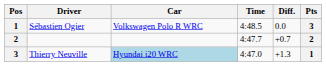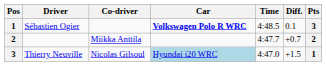 <table class="wikitable" width=60% style="text-align: left; font-size: 90%;">
 <tr>
 <th>Pos</th>
 <th>Driver</th>
+<th>Co-driver</th>
 <th>Car</th>
 <th>Time</th>
 <th>Diff.</th>
 <th>Pts</th>
 </tr>
 <tr>
 <th>1</th>
 <td> <a href='#'>Sébastien Ogier</a></td>
-<td><a href='#'>Volkswagen Polo R WRC</a></td>
+<td></td>
+<td><strong><a href='#'>Volkswagen Polo R WRC</a></strong></td>
 <td>4:48.5</td>
-<td>0.0</td>
+<td>0.1</td>
 <th><strong>3</strong></th>
 </tr>
 <tr>
 <th>2</th>
 <td></td>
+<td> <a href='#'>Miikka Anttila</a></td>
 <td></td>
 <td>4:47.7</td>
 <td>+0.7</td>
 <th><strong>2</strong></th>
 </tr>
 <tr>
 <th>3</th>
 <td> <a href='#'>Thierry Neuville</a></td>
+<td> <a href='#'>Nicolas Gilsoul</a></td>
 <td style="background: lightblue;"><a href='#'>Hyundai i20 WRC</a></td>
 <td>4:47.0</td>
-<td>+1.3</td>
+<td>+1.5</td>
 <th><strong>1</strong></th>
 </tr>
 </table>
